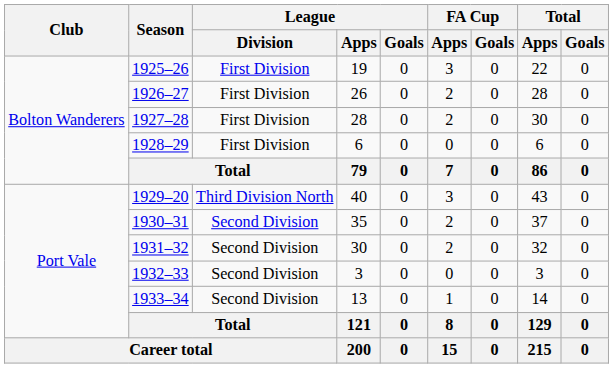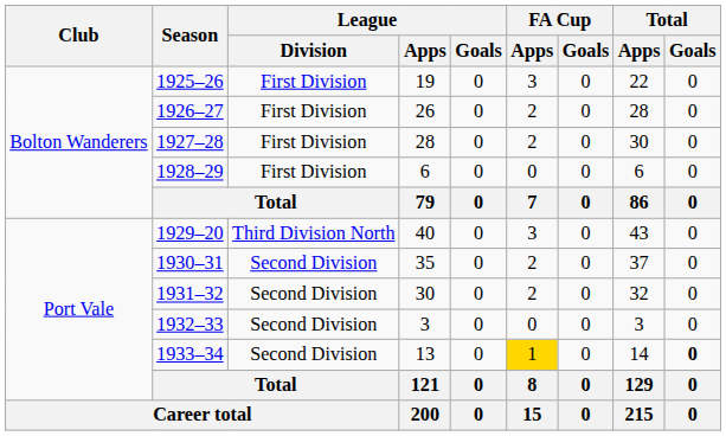 <table class="wikitable" style="text-align: center;">
 <tr>
 <th rowspan="2">Club</th>
 <th rowspan="2">Season</th>
 <th colspan="3">League</th>
 <th colspan="2">FA Cup</th>
 <th colspan="2">Total</th>
 </tr>
 <tr>
 <th>Division</th>
 <th>Apps</th>
 <th>Goals</th>
 <th>Apps</th>
 <th>Goals</th>
 <th>Apps</th>
 <th>Goals</th>
 </tr>
 <tr>
 <td rowspan="5"><a href='#'>Bolton Wanderers</a></td>
 <td><a href='#'>1925–26</a></td>
 <td><a href='#'>First Division</a></td>
 <td>19</td>
 <td>0</td>
 <td>3</td>
 <td>0</td>
 <td>22</td>
 <td>0</td>
 </tr>
 <tr>
 <td><a href='#'>1926–27</a></td>
 <td>First Division</td>
 <td>26</td>
 <td>0</td>
 <td>2</td>
 <td>0</td>
 <td>28</td>
 <td>0</td>
 </tr>
 <tr>
 <td><a href='#'>1927–28</a></td>
 <td>First Division</td>
 <td>28</td>
 <td>0</td>
 <td>2</td>
 <td>0</td>
 <td>30</td>
 <td>0</td>
 </tr>
 <tr>
 <td><a href='#'>1928–29</a></td>
 <td>First Division</td>
 <td>6</td>
 <td>0</td>
 <td>0</td>
 <td>0</td>
 <td>6</td>
 <td>0</td>
 </tr>
 <tr>
 <th colspan="2">Total</th>
 <th>79</th>
 <th>0</th>
 <th>7</th>
 <th>0</th>
 <th>86</th>
 <th>0</th>
 </tr>
 <tr>
 <td rowspan="6"><a href='#'>Port Vale</a></td>
 <td><a href='#'>1929–20</a></td>
 <td><a href='#'>Third Division North</a></td>
 <td>40</td>
 <td>0</td>
 <td>3</td>
 <td>0</td>
 <td>43</td>
 <td>0</td>
 </tr>
 <tr>
 <td><a href='#'>1930–31</a></td>
 <td><a href='#'>Second Division</a></td>
 <td>35</td>
 <td>0</td>
 <td>2</td>
 <td>0</td>
 <td>37</td>
 <td>0</td>
 </tr>
 <tr>
 <td><a href='#'>1931–32</a></td>
 <td>Second Division</td>
 <td>30</td>
 <td>0</td>
 <td>2</td>
 <td>0</td>
 <td>32</td>
 <td>0</td>
 </tr>
 <tr>
 <td><a href='#'>1932–33</a></td>
 <td>Second Division</td>
 <td>3</td>
 <td>0</td>
 <td>0</td>
 <td>0</td>
 <td>3</td>
 <td>0</td>
 </tr>
 <tr>
 <td><a href='#'>1933–34</a></td>
 <td>Second Division</td>
 <td>13</td>
 <td>0</td>
-<td>1</td>
+<td style="background: gold;">1</td>
 <td>0</td>
 <td>14</td>
-<td>0</td>
+<td><strong>0</strong></td>
 </tr>
 <tr>
 <th colspan="2">Total</th>
 <th>121</th>
 <th>0</th>
 <th>8</th>
 <th>0</th>
 <th>129</th>
 <th>0</th>
 </tr>
 <tr>
 <th colspan="3">Career total</th>
 <th>200</th>
 <th>0</th>
 <th>15</th>
 <th>0</th>
 <th>215</th>
 <th>0</th>
 </tr>
 </table>
